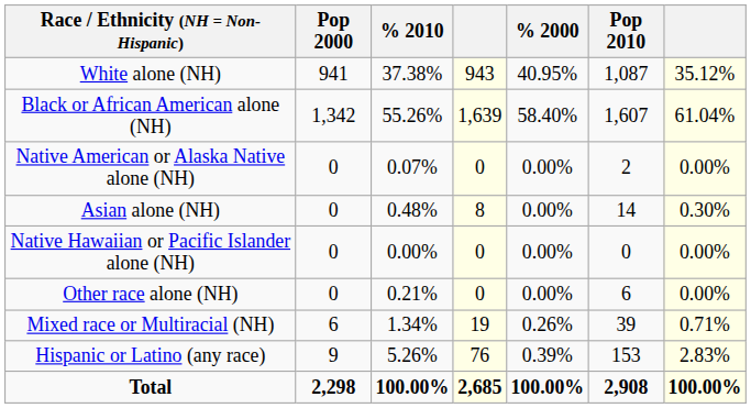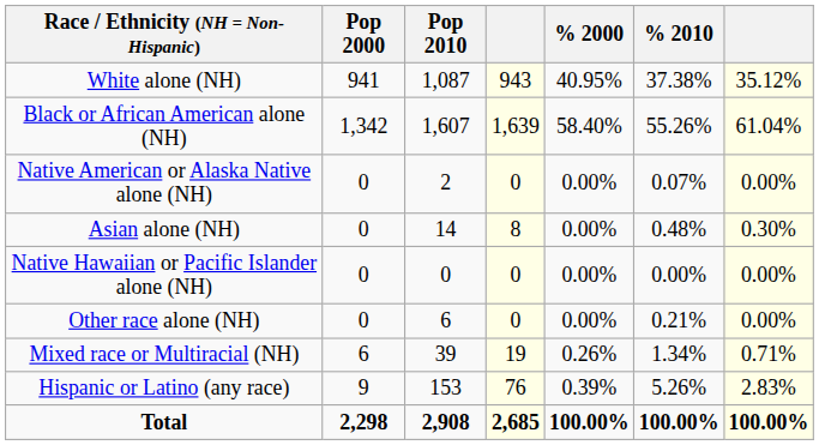 <table class="wikitable" style="text-align:center;">
 <tr>
 <th>Race / Ethnicity <small>(<em>NH = Non-Hispanic</em>)</small></th>
 <th>Pop 2000</th>
-<th>% 2010</th>
+<th>Pop 2010</th>
 <th></th>
 <th>% 2000</th>
-<th>Pop 2010</th>
+<th>% 2010</th>
 <th></th>
 </tr>
 <tr>
 <td><a href='#'>White</a> alone (NH)</td>
 <td>941</td>
-<td>37.38%</td>
+<td>1,087</td>
 <td style='background: #ffffe6;'>943</td>
 <td>40.95%</td>
-<td>1,087</td>
+<td>37.38%</td>
 <td style='background: #ffffe6;'>35.12%</td>
 </tr>
 <tr>
 <td><a href='#'>Black or African American</a> alone (NH)</td>
 <td>1,342</td>
-<td>55.26%</td>
+<td>1,607</td>
 <td style='background: #ffffe6;'>1,639</td>
 <td>58.40%</td>
-<td>1,607</td>
+<td>55.26%</td>
 <td style='background: #ffffe6;'>61.04%</td>
 </tr>
 <tr>
 <td><a href='#'>Native American</a> or <a href='#'>Alaska Native</a> alone (NH)</td>
 <td>0</td>
-<td>0.07%</td>
+<td>2</td>
 <td style='background: #ffffe6;'>0</td>
 <td>0.00%</td>
-<td>2</td>
+<td>0.07%</td>
 <td style='background: #ffffe6;'>0.00%</td>
 </tr>
 <tr>
 <td><a href='#'>Asian</a> alone (NH)</td>
 <td>0</td>
-<td>0.48%</td>
+<td>14</td>
 <td style='background: #ffffe6;'>8</td>
 <td>0.00%</td>
-<td>14</td>
+<td>0.48%</td>
 <td style='background: #ffffe6;'>0.30%</td>
 </tr>
 <tr>
 <td><a href='#'>Native Hawaiian</a> or <a href='#'>Pacific Islander</a> alone (NH)</td>
 <td>0</td>
-<td>0.00%</td>
+<td>0</td>
 <td style='background: #ffffe6;'>0</td>
 <td>0.00%</td>
-<td>0</td>
+<td>0.00%</td>
 <td style='background: #ffffe6;'>0.00%</td>
 </tr>
 <tr>
 <td><a href='#'>Other race</a> alone (NH)</td>
 <td>0</td>
-<td>0.21%</td>
+<td>6</td>
 <td style='background: #ffffe6;'>0</td>
 <td>0.00%</td>
-<td>6</td>
+<td>0.21%</td>
 <td style='background: #ffffe6;'>0.00%</td>
 </tr>
 <tr>
 <td><a href='#'>Mixed race or Multiracial</a> (NH)</td>
 <td>6</td>
-<td>1.34%</td>
+<td>39</td>
 <td style='background: #ffffe6;'>19</td>
 <td>0.26%</td>
-<td>39</td>
+<td>1.34%</td>
 <td style='background: #ffffe6;'>0.71%</td>
 </tr>
 <tr>
 <td><a href='#'>Hispanic or Latino</a> (any race)</td>
 <td>9</td>
-<td>5.26%</td>
+<td>153</td>
 <td style='background: #ffffe6;'>76</td>
 <td>0.39%</td>
-<td>153</td>
+<td>5.26%</td>
 <td style='background: #ffffe6;'>2.83%</td>
 </tr>
 <tr>
 <td><strong>Total</strong></td>
 <td><strong>2,298</strong></td>
-<td><strong>100.00%</strong></td>
+<td><strong>2,908</strong></td>
 <td style='background: #ffffe6;'><strong>2,685</strong></td>
 <td><strong>100.00%</strong></td>
-<td><strong>2,908</strong></td>
+<td><strong>100.00%</strong></td>
 <td style='background: #ffffe6;'><strong>100.00%</strong></td>
 </tr>
 </table>
